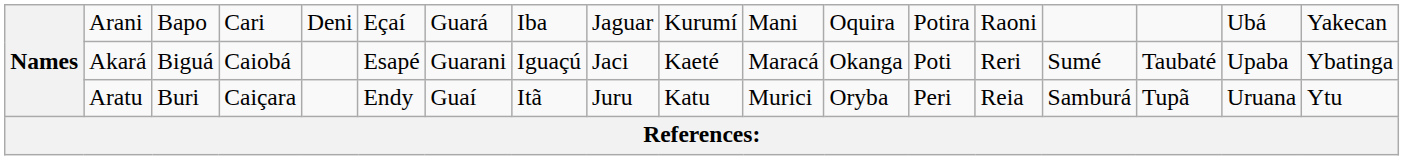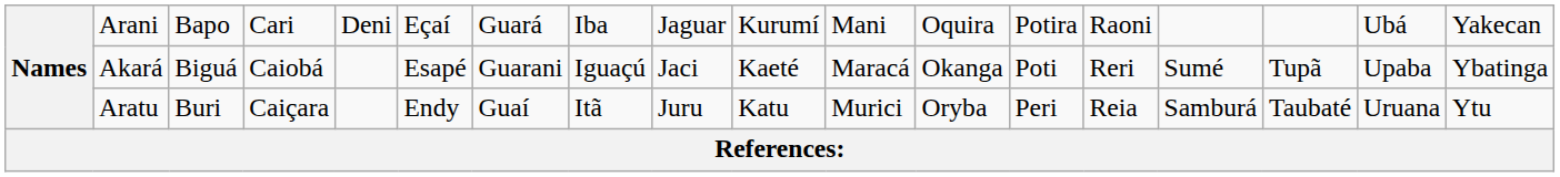 <table class="wikitable">
 <tr>
 <th rowspan="3" scope="row">Names</th>
 <td>Arani</td>
 <td>Bapo</td>
 <td>Cari</td>
 <td>Deni</td>
 <td>Eçaí</td>
 <td>Guará</td>
 <td>Iba</td>
 <td>Jaguar</td>
 <td>Kurumí</td>
 <td>Mani</td>
 <td>Oquira</td>
 <td>Potira</td>
 <td>Raoni</td>
 <td></td>
 <td></td>
 <td>Ubá</td>
 <td>Yakecan</td>
 </tr>
 <tr>
 <td>Akará</td>
 <td>Biguá</td>
 <td>Caiobá</td>
 <td></td>
 <td>Esapé</td>
 <td>Guarani</td>
 <td>Iguaçú</td>
 <td>Jaci</td>
 <td>Kaeté</td>
 <td>Maracá</td>
 <td>Okanga</td>
 <td>Poti</td>
 <td>Reri</td>
 <td>Sumé</td>
-<td>Taubaté</td>
+<td>Tupã</td>
 <td>Upaba</td>
 <td>Ybatinga</td>
 </tr>
 <tr>
 <td>Aratu</td>
 <td>Buri</td>
 <td>Caiçara</td>
 <td></td>
 <td>Endy</td>
 <td>Guaí</td>
 <td>Itã</td>
 <td>Juru</td>
 <td>Katu</td>
 <td>Murici</td>
 <td>Oryba</td>
 <td>Peri</td>
 <td>Reia</td>
 <td>Samburá</td>
-<td>Tupã</td>
+<td>Taubaté</td>
 <td>Uruana</td>
 <td>Ytu</td>
 </tr>
 <tr>
 <th colspan="18">References:</th>
 </tr>
 </table>
